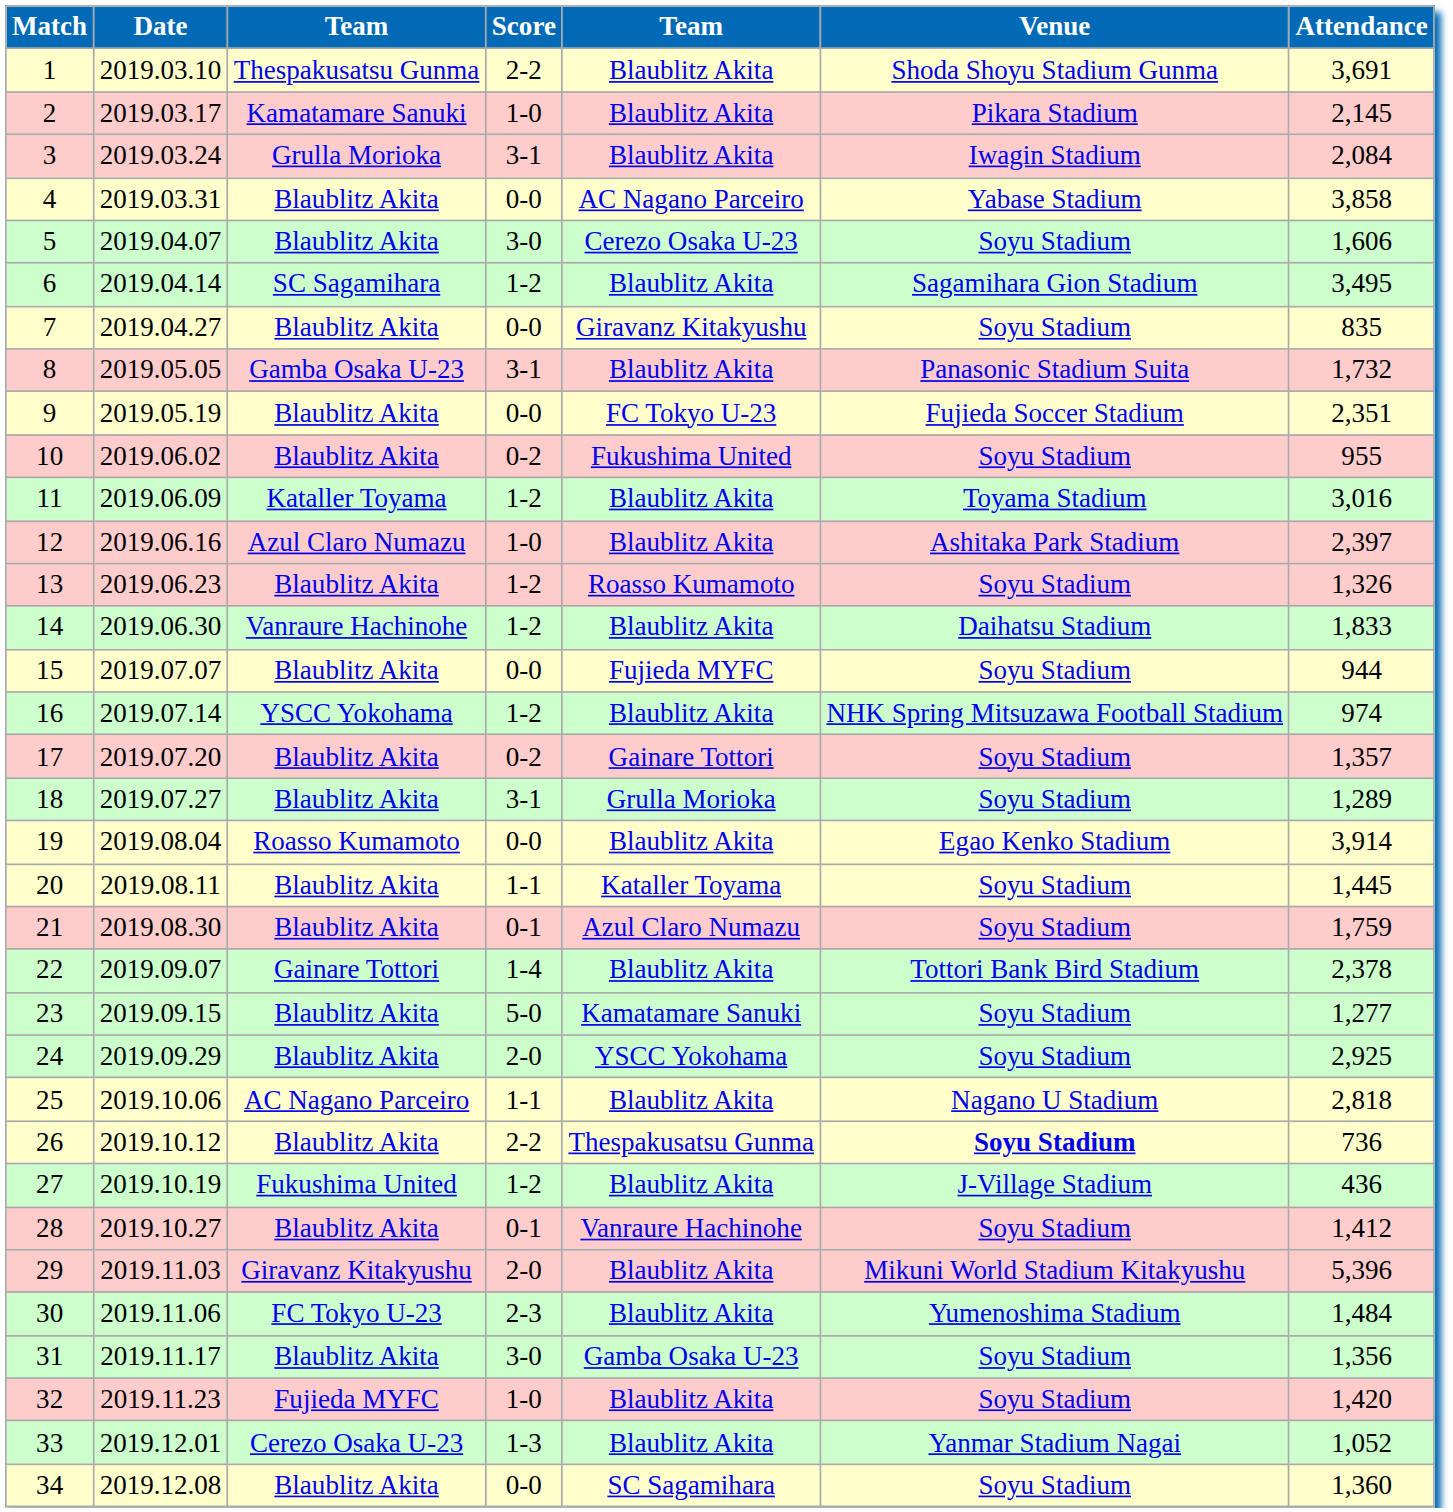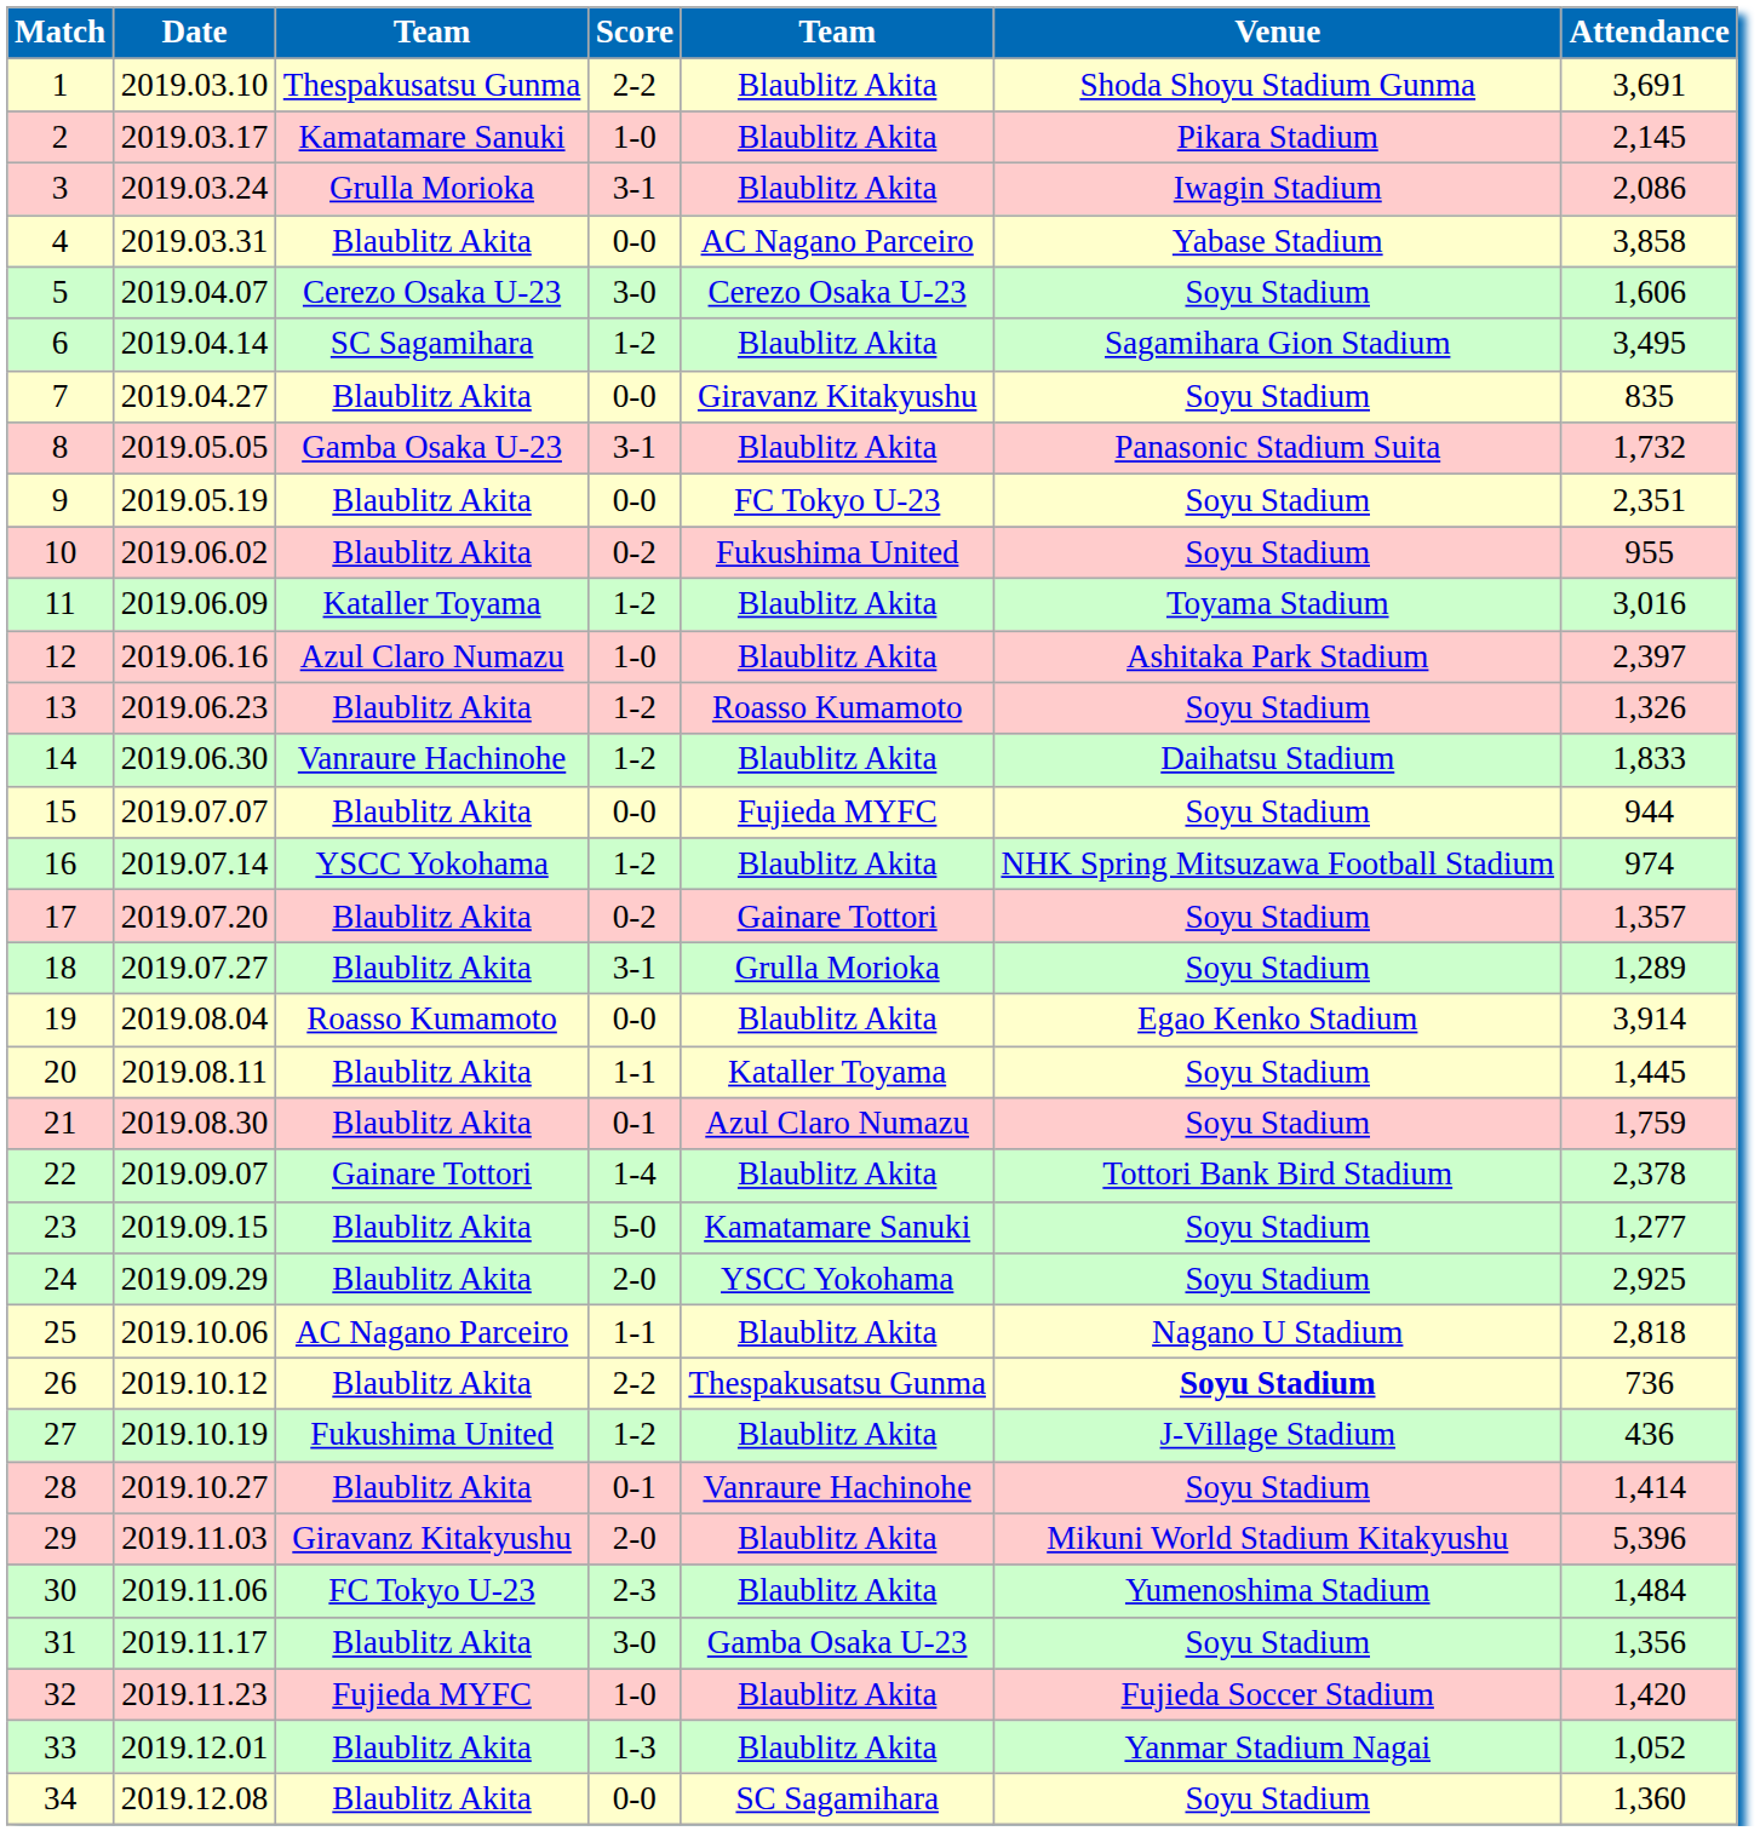 <table class="wikitable" border="double #006AB6" style="text-align:center; white-space:nowrap; box-shadow: 4px 4px 4px #006AB6">
 <tr style="background-color:#006AB6; color:#FFF; font-weight:bold;">
 <td>Match</td>
 <td>Date</td>
 <td>Team</td>
 <td>Score</td>
 <td>Team</td>
 <td>Venue</td>
 <td>Attendance</td>
 </tr>
 <tr style="background-color: #FFFFCC;">
 <td>1</td>
 <td>2019.03.10</td>
 <td><a href='#'>Thespakusatsu Gunma</a></td>
 <td>2-2</td>
 <td><a href='#'>Blaublitz Akita</a></td>
 <td><a href='#'>Shoda Shoyu Stadium Gunma</a></td>
 <td>3,691</td>
 </tr>
 <tr style="background-color: #FFCCCC;">
 <td>2</td>
 <td>2019.03.17</td>
 <td><a href='#'>Kamatamare Sanuki</a></td>
 <td>1-0</td>
 <td><a href='#'>Blaublitz Akita</a></td>
 <td><a href='#'>Pikara Stadium</a></td>
 <td>2,145</td>
 </tr>
 <tr style="background-color: #FFCCCC;">
 <td>3</td>
 <td>2019.03.24</td>
 <td><a href='#'>Grulla Morioka</a></td>
 <td>3-1</td>
 <td><a href='#'>Blaublitz Akita</a></td>
 <td><a href='#'>Iwagin Stadium</a></td>
-<td>2,084</td>
+<td>2,086</td>
 </tr>
 <tr style="background-color: #FFFFCC;">
 <td>4</td>
 <td>2019.03.31</td>
 <td><a href='#'>Blaublitz Akita</a></td>
 <td>0-0</td>
 <td><a href='#'>AC Nagano Parceiro</a></td>
 <td><a href='#'>Yabase Stadium</a></td>
 <td>3,858</td>
 </tr>
 <tr style="background-color: #CCFFCC;">
 <td>5</td>
 <td>2019.04.07</td>
-<td><a href='#'>Blaublitz Akita</a></td>
+<td><a href='#'>Cerezo Osaka U-23</a></td>
 <td>3-0</td>
 <td><a href='#'>Cerezo Osaka U-23</a></td>
 <td><a href='#'>Soyu Stadium</a></td>
 <td>1,606</td>
 </tr>
 <tr style="background-color: #CCFFCC;">
 <td>6</td>
 <td>2019.04.14</td>
 <td><a href='#'>SC Sagamihara</a></td>
 <td>1-2</td>
 <td><a href='#'>Blaublitz Akita</a></td>
 <td><a href='#'>Sagamihara Gion Stadium</a></td>
 <td>3,495</td>
 </tr>
 <tr style="background-color: #FFFFCC;">
 <td>7</td>
 <td>2019.04.27</td>
 <td><a href='#'>Blaublitz Akita</a></td>
 <td>0-0</td>
 <td><a href='#'>Giravanz Kitakyushu</a></td>
 <td><a href='#'>Soyu Stadium</a></td>
 <td>835</td>
 </tr>
 <tr style="background-color: #FFCCCC;">
 <td>8</td>
 <td>2019.05.05</td>
 <td><a href='#'>Gamba Osaka U-23</a></td>
 <td>3-1</td>
 <td><a href='#'>Blaublitz Akita</a></td>
 <td><a href='#'>Panasonic Stadium Suita</a></td>
 <td>1,732</td>
 </tr>
 <tr style="background-color: #FFFFCC;">
 <td>9</td>
 <td>2019.05.19</td>
 <td><a href='#'>Blaublitz Akita</a></td>
 <td>0-0</td>
 <td><a href='#'>FC Tokyo U-23</a></td>
-<td><a href='#'>Fujieda Soccer Stadium</a></td>
+<td><a href='#'>Soyu Stadium</a></td>
 <td>2,351</td>
 </tr>
 <tr style="background-color: #FFCCCC;">
 <td>10</td>
 <td>2019.06.02</td>
 <td><a href='#'>Blaublitz Akita</a></td>
 <td>0-2</td>
 <td><a href='#'>Fukushima United</a></td>
 <td><a href='#'>Soyu Stadium</a></td>
 <td>955</td>
 </tr>
 <tr style="background-color: #CCFFCC;">
 <td>11</td>
 <td>2019.06.09</td>
 <td><a href='#'>Kataller Toyama</a></td>
 <td>1-2</td>
 <td><a href='#'>Blaublitz Akita</a></td>
 <td><a href='#'>Toyama Stadium</a></td>
 <td>3,016</td>
 </tr>
 <tr style="background-color: #FFCCCC;">
 <td>12</td>
 <td>2019.06.16</td>
 <td><a href='#'>Azul Claro Numazu</a></td>
 <td>1-0</td>
 <td><a href='#'>Blaublitz Akita</a></td>
 <td><a href='#'>Ashitaka Park Stadium</a></td>
 <td>2,397</td>
 </tr>
 <tr style="background-color: #FFCCCC;">
 <td>13</td>
 <td>2019.06.23</td>
 <td><a href='#'>Blaublitz Akita</a></td>
 <td>1-2</td>
 <td><a href='#'>Roasso Kumamoto</a></td>
 <td><a href='#'>Soyu Stadium</a></td>
 <td>1,326</td>
 </tr>
 <tr style="background-color: #CCFFCC;">
 <td>14</td>
 <td>2019.06.30</td>
 <td><a href='#'>Vanraure Hachinohe</a></td>
 <td>1-2</td>
 <td><a href='#'>Blaublitz Akita</a></td>
 <td><a href='#'>Daihatsu Stadium</a></td>
 <td>1,833</td>
 </tr>
 <tr style="background-color: #FFFFCC;">
 <td>15</td>
 <td>2019.07.07</td>
 <td><a href='#'>Blaublitz Akita</a></td>
 <td>0-0</td>
 <td><a href='#'>Fujieda MYFC</a></td>
 <td><a href='#'>Soyu Stadium</a></td>
 <td>944</td>
 </tr>
 <tr style="background-color: #CCFFCC;">
 <td>16</td>
 <td>2019.07.14</td>
 <td><a href='#'>YSCC Yokohama</a></td>
 <td>1-2</td>
 <td><a href='#'>Blaublitz Akita</a></td>
 <td><a href='#'>NHK Spring Mitsuzawa Football Stadium</a></td>
 <td>974 </td>
 </tr>
 <tr style="background-color: #FFCCCC;">
 <td>17</td>
 <td>2019.07.20</td>
 <td><a href='#'>Blaublitz Akita</a></td>
 <td>0-2</td>
 <td><a href='#'>Gainare Tottori</a></td>
 <td><a href='#'>Soyu Stadium</a></td>
 <td>1,357</td>
 </tr>
 <tr style="background-color: #CCFFCC;">
 <td>18</td>
 <td>2019.07.27</td>
 <td><a href='#'>Blaublitz Akita</a></td>
 <td>3-1</td>
 <td><a href='#'>Grulla Morioka</a></td>
 <td><a href='#'>Soyu Stadium</a></td>
 <td>1,289 </td>
 </tr>
 <tr style="background-color: #FFFFCC;">
 <td>19</td>
 <td>2019.08.04</td>
 <td><a href='#'>Roasso Kumamoto</a></td>
 <td>0-0</td>
 <td><a href='#'>Blaublitz Akita</a></td>
 <td><a href='#'>Egao Kenko Stadium</a></td>
 <td>3,914</td>
 </tr>
 <tr style="background-color: #FFFFCC;">
 <td>20</td>
 <td>2019.08.11</td>
 <td><a href='#'>Blaublitz Akita</a></td>
 <td>1-1</td>
 <td><a href='#'>Kataller Toyama</a></td>
 <td><a href='#'>Soyu Stadium</a></td>
 <td>1,445</td>
 </tr>
 <tr style="background-color: #FFCCCC;">
 <td>21</td>
 <td>2019.08.30</td>
 <td><a href='#'>Blaublitz Akita</a></td>
 <td>0-1</td>
 <td><a href='#'>Azul Claro Numazu</a></td>
 <td><a href='#'>Soyu Stadium</a></td>
 <td>1,759 </td>
 </tr>
 <tr style="background-color: #CCFFCC;">
 <td>22</td>
 <td>2019.09.07</td>
 <td><a href='#'>Gainare Tottori</a></td>
 <td>1-4</td>
 <td><a href='#'>Blaublitz Akita</a></td>
 <td><a href='#'>Tottori Bank Bird Stadium</a></td>
 <td>2,378 </td>
 </tr>
 <tr style="background-color: #CCFFCC;">
 <td>23</td>
 <td>2019.09.15</td>
 <td><a href='#'>Blaublitz Akita</a></td>
 <td>5-0</td>
 <td><a href='#'>Kamatamare Sanuki</a></td>
 <td><a href='#'>Soyu Stadium</a></td>
 <td>1,277</td>
 </tr>
 <tr style="background-color: #CCFFCC;">
 <td>24</td>
 <td>2019.09.29</td>
 <td><a href='#'>Blaublitz Akita</a></td>
 <td>2-0</td>
 <td><a href='#'>YSCC Yokohama</a></td>
 <td><a href='#'>Soyu Stadium</a></td>
 <td>2,925 </td>
 </tr>
 <tr style="background-color: #FFFFCC;">
 <td>25</td>
 <td>2019.10.06</td>
 <td><a href='#'>AC Nagano Parceiro</a></td>
 <td>1-1</td>
 <td><a href='#'>Blaublitz Akita</a></td>
 <td><a href='#'>Nagano U Stadium</a></td>
 <td>2,818</td>
 </tr>
 <tr style="background-color: #FFFFCC;">
 <td>26</td>
 <td>2019.10.12</td>
 <td><a href='#'>Blaublitz Akita</a></td>
 <td>2-2</td>
 <td><a href='#'>Thespakusatsu Gunma</a></td>
 <td><strong><a href='#'>Soyu Stadium</a></strong></td>
 <td>736 </td>
 </tr>
 <tr style="background-color: #CCFFCC;">
 <td>27</td>
 <td>2019.10.19</td>
 <td><a href='#'>Fukushima United</a></td>
 <td>1-2</td>
 <td><a href='#'>Blaublitz Akita</a></td>
 <td><a href='#'>J-Village Stadium</a></td>
 <td>436 </td>
 </tr>
 <tr style="background-color: #FFCCCC;">
 <td>28</td>
 <td>2019.10.27</td>
 <td><a href='#'>Blaublitz Akita</a></td>
 <td>0-1</td>
 <td><a href='#'>Vanraure Hachinohe</a></td>
 <td><a href='#'>Soyu Stadium</a></td>
-<td>1,412 </td>
+<td>1,414 </td>
 </tr>
 <tr style="background-color: #FFCCCC;">
 <td>29</td>
 <td>2019.11.03</td>
 <td><a href='#'>Giravanz Kitakyushu</a></td>
 <td>2-0</td>
 <td><a href='#'>Blaublitz Akita</a></td>
 <td><a href='#'>Mikuni World Stadium Kitakyushu</a></td>
 <td>5,396  </td>
 </tr>
 <tr style="background-color: #CCFFCC;">
 <td>30</td>
 <td>2019.11.06</td>
 <td><a href='#'>FC Tokyo U-23</a></td>
 <td>2-3</td>
 <td><a href='#'>Blaublitz Akita</a></td>
 <td><a href='#'>Yumenoshima Stadium</a></td>
 <td>1,484</td>
 </tr>
 <tr style="background-color: #CCFFCC;">
 <td>31</td>
 <td>2019.11.17</td>
 <td><a href='#'>Blaublitz Akita</a></td>
 <td>3-0</td>
 <td><a href='#'>Gamba Osaka U-23</a></td>
 <td><a href='#'>Soyu Stadium</a></td>
 <td>1,356</td>
 </tr>
 <tr style="background-color: #FFCCCC;">
 <td>32</td>
 <td>2019.11.23</td>
 <td><a href='#'>Fujieda MYFC</a></td>
 <td>1-0</td>
 <td><a href='#'>Blaublitz Akita</a></td>
-<td><a href='#'>Soyu Stadium</a></td>
+<td><a href='#'>Fujieda Soccer Stadium</a></td>
 <td>1,420</td>
 </tr>
 <tr style="background-color: #CCFFCC;">
 <td>33</td>
 <td>2019.12.01</td>
-<td><a href='#'>Cerezo Osaka U-23</a></td>
+<td><a href='#'>Blaublitz Akita</a></td>
 <td>1-3</td>
 <td><a href='#'>Blaublitz Akita</a></td>
 <td><a href='#'>Yanmar Stadium Nagai</a></td>
 <td>1,052</td>
 </tr>
 <tr style="background-color: #FFFFCC;">
 <td>34</td>
 <td>2019.12.08</td>
 <td><a href='#'>Blaublitz Akita</a></td>
 <td>0-0</td>
 <td><a href='#'>SC Sagamihara</a></td>
 <td><a href='#'>Soyu Stadium</a></td>
 <td>1,360 </td>
 </tr>
 <tr>
 </tr>
 </table>
